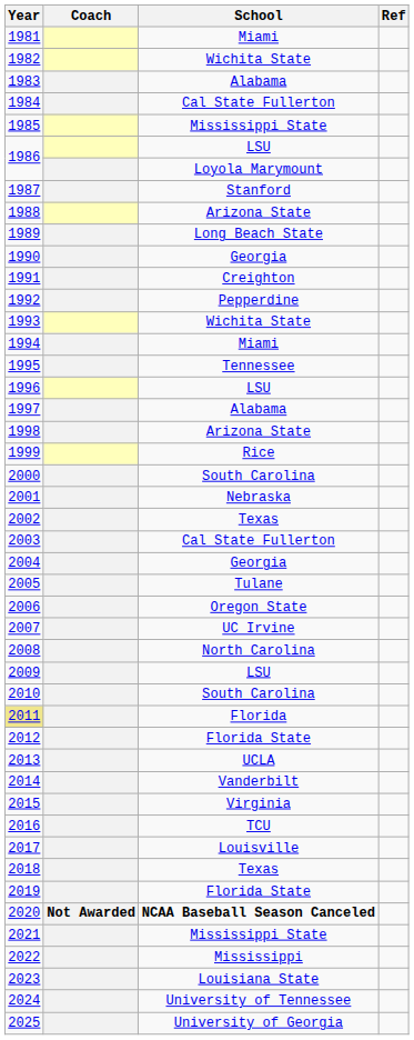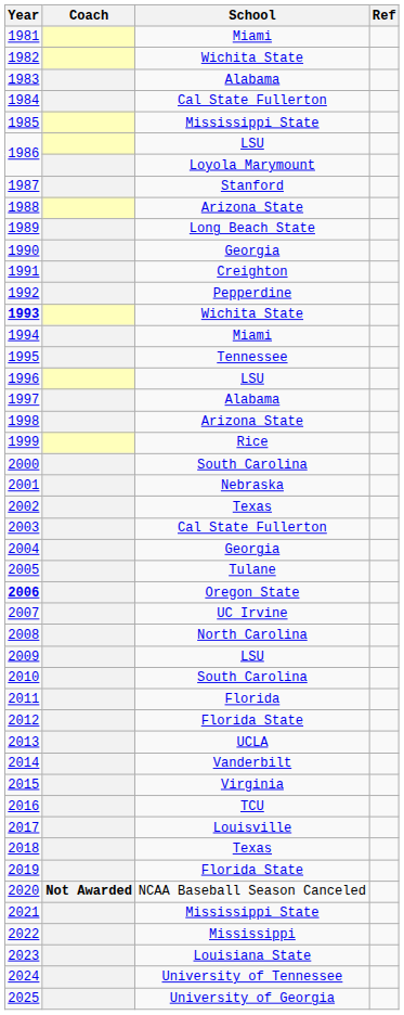 <table class="wikitable sortable plainrowheaders" style="text-align:center;">
 <tr>
 <th scope="col">Year</th>
 <th scope="col">Coach</th>
 <th scope="col">School</th>
 <th scope="col" class="unsortable">Ref</th>
 </tr>
 <tr>
 <td><a href='#'>1981</a></td>
 <th scope="row" style="text-align:center; background-color: #ffffbb"></th>
 <td><a href='#'>Miami</a></td>
 <td></td>
 </tr>
 <tr>
 <td><a href='#'>1982</a></td>
 <th scope="row" style="text-align:center; background-color: #ffffbb"></th>
 <td><a href='#'>Wichita State</a></td>
 <td></td>
 </tr>
 <tr>
 <td><a href='#'>1983</a></td>
 <th scope="row" style="text-align:center"></th>
 <td><a href='#'>Alabama</a></td>
 <td></td>
 </tr>
 <tr>
 <td><a href='#'>1984</a></td>
 <th scope="row" style="text-align:center"></th>
 <td><a href='#'>Cal State Fullerton</a></td>
 <td></td>
 </tr>
 <tr>
 <td><a href='#'>1985</a></td>
 <th scope="row" style="text-align:center; background-color: #ffffbb"></th>
 <td><a href='#'>Mississippi State</a></td>
 <td></td>
 </tr>
 <tr>
 <td rowspan="2"><a href='#'>1986</a></td>
 <th scope="row" style="text-align:center; background-color: #ffffbb"></th>
 <td><a href='#'>LSU</a></td>
 <td></td>
 </tr>
 <tr>
 <th scope="row" style="text-align:center"></th>
 <td><a href='#'>Loyola Marymount</a></td>
 <td></td>
 </tr>
 <tr>
 <td><a href='#'>1987</a></td>
 <th scope="row" style="text-align:center"></th>
 <td><a href='#'>Stanford</a></td>
 <td></td>
 </tr>
 <tr>
 <td><a href='#'>1988</a></td>
 <th scope="row" style="text-align:center; background-color: #ffffbb"></th>
 <td><a href='#'>Arizona State</a></td>
 <td></td>
 </tr>
 <tr>
 <td><a href='#'>1989</a></td>
 <th scope="row" style="text-align:center"> </th>
 <td><a href='#'>Long Beach State</a></td>
 <td></td>
 </tr>
 <tr>
 <td><a href='#'>1990</a></td>
 <th scope="row" style="text-align:center"></th>
 <td><a href='#'>Georgia</a></td>
 <td></td>
 </tr>
 <tr>
 <td><a href='#'>1991</a></td>
 <th scope="row" style="text-align:center"></th>
 <td><a href='#'>Creighton</a></td>
 <td></td>
 </tr>
 <tr>
 <td><a href='#'>1992</a></td>
 <th scope="row" style="text-align:center"></th>
 <td><a href='#'>Pepperdine</a></td>
 <td></td>
 </tr>
 <tr>
-<td><a href='#'>1993</a></td>
+<td><strong><a href='#'>1993</a></strong></td>
 <th scope="row" style="text-align:center; background-color: #ffffbb"> </th>
 <td><a href='#'>Wichita State</a></td>
 <td></td>
 </tr>
 <tr>
 <td><a href='#'>1994</a></td>
 <th scope="row" style="text-align:center"></th>
 <td><a href='#'>Miami</a></td>
 <td></td>
 </tr>
 <tr>
 <td><a href='#'>1995</a></td>
 <th scope="row" style="text-align:center"></th>
 <td><a href='#'>Tennessee</a></td>
 <td></td>
 </tr>
 <tr>
 <td><a href='#'>1996</a></td>
 <th scope="row" style="text-align:center; background-color: #ffffbb"> </th>
 <td><a href='#'>LSU</a></td>
 <td></td>
 </tr>
 <tr>
 <td><a href='#'>1997</a></td>
 <th scope="row" style="text-align:center"></th>
 <td><a href='#'>Alabama</a></td>
 <td></td>
 </tr>
 <tr>
 <td><a href='#'>1998</a></td>
 <th scope="row" style="text-align:center"></th>
 <td><a href='#'>Arizona State</a></td>
 <td></td>
 </tr>
 <tr>
 <td><a href='#'>1999</a></td>
 <th scope="row" style="text-align:center; background-color: #ffffbb"></th>
 <td><a href='#'>Rice</a></td>
 <td></td>
 </tr>
 <tr>
 <td><a href='#'>2000</a></td>
 <th scope="row" style="text-align:center"></th>
 <td><a href='#'>South Carolina</a></td>
 <td></td>
 </tr>
 <tr>
 <td><a href='#'>2001</a></td>
 <th scope="row" style="text-align:center"></th>
 <td><a href='#'>Nebraska</a></td>
 <td></td>
 </tr>
 <tr>
 <td><a href='#'>2002</a></td>
 <th scope="row" style="text-align:center"> </th>
 <td><a href='#'>Texas</a></td>
 <td></td>
 </tr>
 <tr>
 <td><a href='#'>2003</a></td>
 <th scope="row" style="text-align:center"></th>
 <td><a href='#'>Cal State Fullerton</a></td>
 <td></td>
 </tr>
 <tr>
 <td><a href='#'>2004</a></td>
 <th scope="row" style="text-align:center"></th>
 <td><a href='#'>Georgia</a></td>
 <td></td>
 </tr>
 <tr>
 <td><a href='#'>2005</a></td>
 <th scope="row" style="text-align:center"></th>
 <td><a href='#'>Tulane</a></td>
 <td></td>
 </tr>
 <tr>
-<td><a href='#'>2006</a></td>
+<td><strong><a href='#'>2006</a></strong></td>
 <th scope="row" style="text-align:center"></th>
 <td><a href='#'>Oregon State</a></td>
 <td></td>
 </tr>
 <tr>
 <td><a href='#'>2007</a></td>
 <th scope="row" style="text-align:center"></th>
 <td><a href='#'>UC Irvine</a></td>
 <td></td>
 </tr>
 <tr>
 <td><a href='#'>2008</a></td>
 <th scope="row" style="text-align:center"></th>
 <td><a href='#'>North Carolina</a></td>
 <td></td>
 </tr>
 <tr>
 <td><a href='#'>2009</a></td>
 <th scope="row" style="text-align:center"></th>
 <td><a href='#'>LSU</a></td>
 <td></td>
 </tr>
 <tr>
 <td><a href='#'>2010</a></td>
 <th scope="row" style="text-align:center"> </th>
 <td><a href='#'>South Carolina</a></td>
 <td></td>
 </tr>
 <tr>
-<td style="background: khaki;"><a href='#'>2011</a></td>
+<td><a href='#'>2011</a></td>
 <th scope="row" style="text-align:center"></th>
 <td><a href='#'>Florida</a></td>
 <td></td>
 </tr>
 <tr>
 <td><a href='#'>2012</a></td>
 <th scope="row" style="text-align:center"></th>
 <td><a href='#'>Florida State</a></td>
 <td></td>
 </tr>
 <tr>
 <td><a href='#'>2013</a></td>
 <th scope="row" style="text-align:center"></th>
 <td><a href='#'>UCLA</a></td>
 <td></td>
 </tr>
 <tr>
 <td><a href='#'>2014</a></td>
 <th scope="row" style="text-align:center"></th>
 <td><a href='#'>Vanderbilt</a></td>
 <td></td>
 </tr>
 <tr>
 <td><a href='#'>2015</a></td>
 <th scope="row" style="text-align:center"></th>
 <td><a href='#'>Virginia</a></td>
 <td></td>
 </tr>
 <tr>
 <td><a href='#'>2016</a></td>
 <th scope="row" style="text-align:center"></th>
 <td><a href='#'>TCU</a></td>
 <td></td>
 </tr>
 <tr>
 <td><a href='#'>2017</a></td>
 <th scope="row" style="text-align:center"></th>
 <td><a href='#'>Louisville</a></td>
 <td></td>
 </tr>
 <tr>
 <td><a href='#'>2018</a></td>
 <th scope="row" style="text-align:center"></th>
 <td><a href='#'>Texas</a></td>
 <td></td>
 </tr>
 <tr>
 <td><a href='#'>2019</a></td>
 <th scope="row" style="text-align:center"></th>
 <td><a href='#'>Florida State</a></td>
 <td></td>
 </tr>
 <tr>
 <td><a href='#'>2020</a></td>
 <th scope="row" style="text-align:center">Not Awarded</th>
-<td><strong>NCAA Baseball Season Canceled</strong></td>
+<td>NCAA Baseball Season Canceled</td>
 <td></td>
 </tr>
 <tr>
 <td><a href='#'>2021</a></td>
 <th scope="row" style="text-align:center"></th>
 <td><a href='#'>Mississippi State</a></td>
 <td></td>
 </tr>
 <tr>
 <td><a href='#'>2022</a></td>
 <th scope="row" style="text-align:center"></th>
 <td><a href='#'>Mississippi</a></td>
 <td></td>
 </tr>
 <tr>
 <td><a href='#'>2023</a></td>
 <th scope="row" style="text-align:center"></th>
 <td><a href='#'>Louisiana State</a></td>
 <td></td>
 </tr>
 <tr>
 <td><a href='#'>2024</a></td>
 <th scope="row" style="text-align:center"></th>
 <td><a href='#'>University of Tennessee</a></td>
 <td></td>
 </tr>
 <tr>
 <td><a href='#'>2025</a></td>
 <th scope="row" style="text-align:center"></th>
 <td><a href='#'>University of Georgia</a></td>
 </tr>
 </table>
